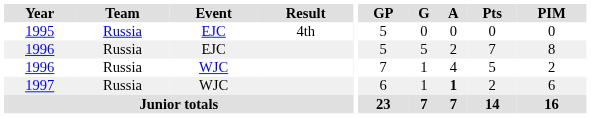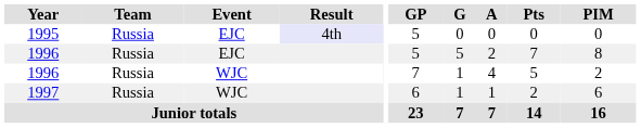 <table border="0" cellpadding="1" cellspacing="0" ID="Table3" style="text-align:center; width:40em">
 <tr bgcolor="#e0e0e0">
 <th>Year</th>
 <th>Team</th>
 <th>Event</th>
 <th>Result</th>
 <th rowspan="99" bgcolor="#ffffff"></th>
 <th>GP</th>
 <th>G</th>
 <th>A</th>
 <th>Pts</th>
 <th>PIM</th>
 </tr>
 <tr>
 <td><a href='#'>1995</a></td>
 <td><a href='#'>Russia</a></td>
 <td><a href='#'>EJC</a></td>
-<td>4th</td>
+<td style="background: lavender;">4th</td>
 <td>5</td>
 <td>0</td>
 <td>0</td>
 <td>0</td>
 <td>0</td>
 </tr>
 <tr bgcolor="#f0f0f0">
 <td><a href='#'>1996</a></td>
 <td>Russia</td>
 <td>EJC</td>
 <td></td>
 <td>5</td>
 <td>5</td>
 <td>2</td>
 <td>7</td>
 <td>8</td>
 </tr>
 <tr>
 <td><a href='#'>1996</a></td>
 <td>Russia</td>
 <td><a href='#'>WJC</a></td>
 <td></td>
 <td>7</td>
 <td>1</td>
 <td>4</td>
 <td>5</td>
 <td>2</td>
 </tr>
 <tr bgcolor="#f0f0f0">
 <td><a href='#'>1997</a></td>
 <td>Russia</td>
 <td>WJC</td>
 <td></td>
 <td>6</td>
 <td>1</td>
-<td><strong>1</strong></td>
+<td>1</td>
 <td>2</td>
 <td>6</td>
 </tr>
 <tr bgcolor="#e0e0e0">
 <th colspan="4">Junior totals</th>
 <th>23</th>
 <th>7</th>
 <th>7</th>
 <th>14</th>
 <th>16</th>
 </tr>
 </table>
